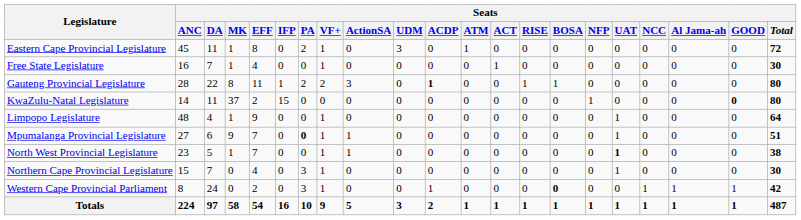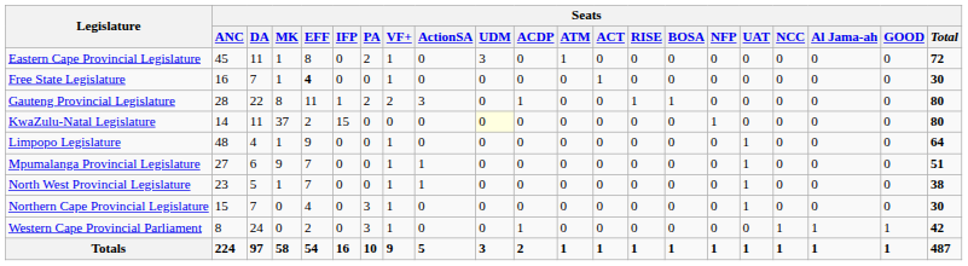 <table class="wikitable">
 <tr>
 <th rowspan="2">Legislature</th>
 <th colspan="20">Seats</th>
 </tr>
 <tr>
 <th><a href='#'>ANC</a></th>
 <th><a href='#'>DA</a></th>
 <th><a href='#'>MK</a></th>
 <th><a href='#'>EFF</a></th>
 <th><a href='#'>IFP</a></th>
 <th><a href='#'>PA</a></th>
 <th><a href='#'>VF+</a></th>
 <th><a href='#'>ActionSA</a></th>
 <th><a href='#'>UDM</a></th>
 <th><a href='#'>ACDP</a></th>
 <th><a href='#'>ATM</a></th>
 <th><a href='#'>	ACT</a></th>
 <th><a href='#'>RISE</a></th>
 <th><a href='#'>BOSA</a></th>
 <th><a href='#'>NFP</a></th>
 <th><a href='#'>UAT</a></th>
 <th><a href='#'>NCC</a></th>
 <th><a href='#'>Al Jama-ah</a></th>
 <th><a href='#'>GOOD</a></th>
 <th><em>Total</em></th>
 </tr>
 <tr>
 <td><a href='#'>Eastern Cape Provincial Legislature</a></td>
 <td>45</td>
 <td>11</td>
 <td>1</td>
 <td>8</td>
 <td>0</td>
 <td>2</td>
 <td>1</td>
 <td>0</td>
 <td>3</td>
 <td>0</td>
 <td>1</td>
 <td>0</td>
 <td>0</td>
 <td>0</td>
 <td>0</td>
 <td>0</td>
 <td>0</td>
 <td>0</td>
 <td>0</td>
 <td><strong>72</strong></td>
 </tr>
 <tr>
 <td><a href='#'>Free State Legislature</a></td>
 <td>16</td>
 <td>7</td>
 <td>1</td>
-<td>4</td>
+<td><strong>4</strong></td>
 <td>0</td>
 <td>0</td>
 <td>1</td>
 <td>0</td>
 <td>0</td>
 <td>0</td>
 <td>0</td>
 <td>1</td>
 <td>0</td>
 <td>0</td>
 <td>0</td>
 <td>0</td>
 <td>0</td>
 <td>0</td>
 <td>0</td>
 <td><strong>30</strong></td>
 </tr>
 <tr>
 <td><a href='#'>Gauteng Provincial Legislature</a></td>
 <td>28</td>
 <td>22</td>
 <td>8</td>
 <td>11</td>
 <td>1</td>
 <td>2</td>
 <td>2</td>
 <td>3</td>
 <td>0</td>
-<td><strong>1</strong></td>
+<td>1</td>
 <td>0</td>
 <td>0</td>
 <td>1</td>
 <td>1</td>
 <td>0</td>
 <td>0</td>
 <td>0</td>
 <td>0</td>
 <td>0</td>
 <td><strong>80</strong></td>
 </tr>
 <tr>
 <td><a href='#'>KwaZulu-Natal Legislature</a></td>
 <td>14</td>
 <td>11</td>
 <td>37</td>
 <td>2</td>
 <td>15</td>
 <td>0</td>
 <td>0</td>
 <td>0</td>
-<td>0</td>
+<td style="background: lightyellow;">0</td>
 <td>0</td>
 <td>0</td>
 <td>0</td>
 <td>0</td>
 <td>0</td>
 <td>1</td>
 <td>0</td>
 <td>0</td>
 <td>0</td>
-<td><strong>0</strong></td>
+<td>0</td>
 <td><strong>80</strong></td>
 </tr>
 <tr>
 <td><a href='#'>Limpopo Legislature</a></td>
 <td>48</td>
 <td>4</td>
 <td>1</td>
 <td>9</td>
 <td>0</td>
 <td>0</td>
 <td>1</td>
 <td>0</td>
 <td>0</td>
 <td>0</td>
 <td>0</td>
 <td>0</td>
 <td>0</td>
 <td>0</td>
 <td>0</td>
 <td>1</td>
 <td>0</td>
 <td>0</td>
 <td>0</td>
 <td><strong>64</strong></td>
 </tr>
 <tr>
 <td><a href='#'>Mpumalanga Provincial Legislature</a></td>
 <td>27</td>
 <td>6</td>
 <td>9</td>
 <td>7</td>
 <td>0</td>
-<td><strong>0</strong></td>
+<td>0</td>
 <td>1</td>
 <td>1</td>
 <td>0</td>
 <td>0</td>
 <td>0</td>
 <td>0</td>
 <td>0</td>
 <td>0</td>
 <td>0</td>
 <td>1</td>
 <td>0</td>
 <td>0</td>
 <td>0</td>
 <td><strong>51</strong></td>
 </tr>
 <tr>
 <td><a href='#'>North West Provincial Legislature</a></td>
 <td>23</td>
 <td>5</td>
 <td>1</td>
 <td>7</td>
 <td>0</td>
 <td>0</td>
 <td>1</td>
 <td>1</td>
 <td>0</td>
 <td>0</td>
 <td>0</td>
 <td>0</td>
 <td>0</td>
 <td>0</td>
 <td>0</td>
-<td><strong>1</strong></td>
+<td>1</td>
 <td>0</td>
 <td>0</td>
 <td>0</td>
 <td><strong>38</strong></td>
 </tr>
 <tr>
 <td><a href='#'>Northern Cape Provincial Legislature</a></td>
 <td>15</td>
 <td>7</td>
 <td>0</td>
 <td>4</td>
 <td>0</td>
 <td>3</td>
 <td>1</td>
 <td>0</td>
 <td>0</td>
 <td>0</td>
 <td>0</td>
 <td>0</td>
 <td>0</td>
 <td>0</td>
 <td>0</td>
 <td>1</td>
 <td>0</td>
 <td>0</td>
 <td>0</td>
 <td><strong>30</strong></td>
 </tr>
 <tr>
 <td><a href='#'>Western Cape Provincial Parliament</a></td>
 <td>8</td>
 <td>24</td>
 <td>0</td>
 <td>2</td>
 <td>0</td>
 <td>3</td>
 <td>1</td>
 <td>0</td>
 <td>0</td>
 <td>1</td>
 <td>0</td>
 <td>0</td>
 <td>0</td>
-<td><strong>0</strong></td>
+<td>0</td>
 <td>0</td>
 <td>0</td>
 <td>1</td>
 <td>1</td>
 <td>1</td>
 <td><strong>42</strong></td>
 </tr>
 <tr>
 <th><strong>Totals</strong></th>
 <td><strong>224</strong></td>
 <td><strong>97</strong></td>
 <td><strong>58</strong></td>
 <td><strong>54</strong></td>
 <td><strong>16</strong></td>
 <td><strong>10</strong></td>
 <td><strong>9</strong></td>
 <td><strong>5</strong></td>
 <td><strong>3</strong></td>
 <td><strong>2</strong></td>
 <td><strong>1</strong></td>
 <td><strong>1</strong></td>
 <td><strong>1</strong></td>
 <td><strong>1</strong></td>
 <td><strong>1</strong></td>
 <td><strong>1</strong></td>
 <td><strong>1</strong></td>
 <td><strong>1</strong></td>
 <td><strong>1</strong></td>
 <td><strong>487</strong></td>
 </tr>
 </table>
